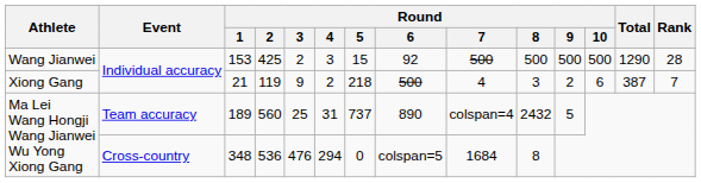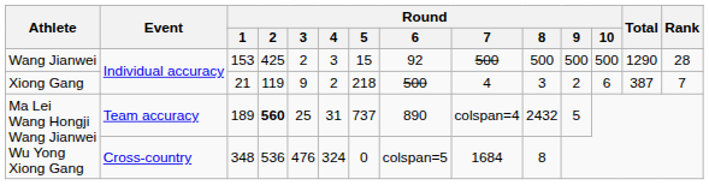 <table class=wikitable style=font-size:90%;text-align:center>
 <tr>
 <th rowspan="2">Athlete</th>
 <th rowspan="2">Event</th>
 <th colspan=10>Round</th>
 <th rowspan=2>Total</th>
 <th rowspan=2>Rank</th>
 </tr>
 <tr style="font-size:95%">
 <th>1</th>
 <th>2</th>
 <th>3</th>
 <th>4</th>
 <th>5</th>
 <th>6</th>
 <th>7</th>
 <th>8</th>
 <th>9</th>
 <th>10</th>
 </tr>
 <tr>
 <td align=left>Wang Jianwei</td>
 <td align=left rowspan=2><a href='#'>Individual accuracy</a></td>
 <td>153</td>
 <td>425</td>
 <td>2</td>
 <td>3</td>
 <td>15</td>
 <td>92</td>
 <td><s>500</s></td>
 <td>500</td>
 <td>500</td>
 <td>500</td>
 <td>1290</td>
 <td>28</td>
 </tr>
 <tr>
 <td align=left>Xiong Gang</td>
 <td>21</td>
 <td>119</td>
 <td>9</td>
 <td>2</td>
 <td>218</td>
 <td><s>500</s></td>
 <td>4</td>
 <td>3</td>
 <td>2</td>
 <td>6</td>
 <td>387</td>
 <td>7</td>
 </tr>
 <tr>
 <td align=left rowspan=2>Ma Lei<br>Wang Hongji<br>Wang Jianwei<br>Wu Yong<br>Xiong Gang</td>
 <td align=left><a href='#'>Team accuracy</a></td>
 <td>189</td>
-<td>560</td>
+<td><strong>560</strong></td>
 <td>25</td>
 <td>31</td>
 <td>737</td>
 <td>890</td>
 <td>colspan=4 </td>
 <td>2432</td>
 <td>5</td>
 </tr>
 <tr>
 <td align=left><a href='#'>Cross-country</a></td>
 <td>348</td>
 <td>536</td>
 <td>476</td>
-<td>294</td>
+<td>324</td>
 <td>0</td>
 <td>colspan=5 </td>
 <td>1684</td>
 <td>8</td>
 </tr>
 </table>
